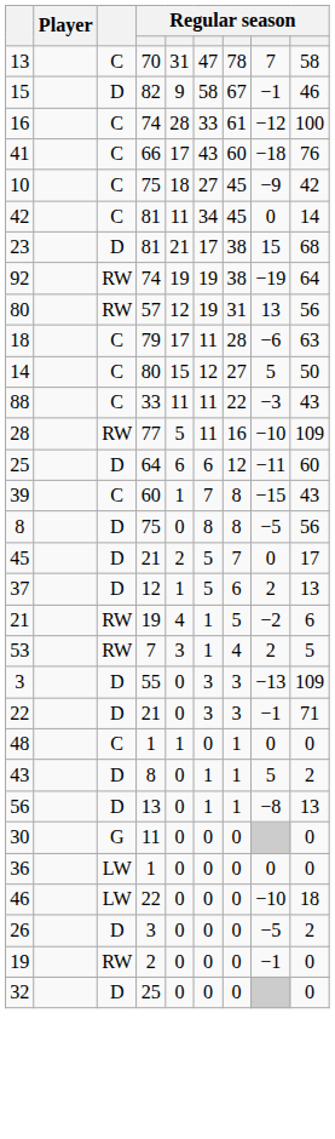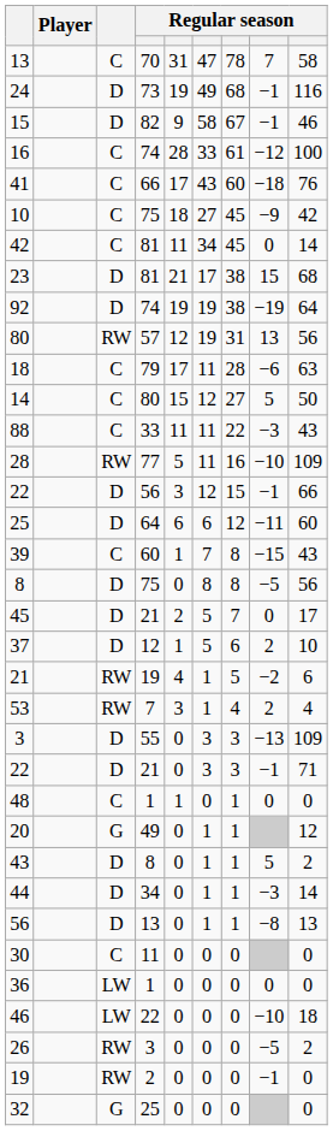 <table class="wikitable sortable plainrowheaders" style="text-align:center;">
 <tr>
 <th scope="col" data-sort-type="number" rowspan="2"></th>
 <th scope="col" rowspan="2">Player</th>
 <th scope="col" rowspan="2"></th>
 <th scope=colgroup colspan=6>Regular season</th>
 </tr>
 <tr>
 <th scope="col" data-sort-type="number"></th>
 <th scope="col" data-sort-type="number"></th>
 <th scope="col" data-sort-type="number"></th>
 <th scope="col" data-sort-type="number"></th>
 <th scope="col" data-sort-type="number"></th>
 <th scope="col" data-sort-type="number"></th>
 </tr>
 <tr>
 <td scope="row">13</td>
 <td align="left"></td>
 <td>C</td>
 <td>70</td>
 <td>31</td>
 <td>47</td>
 <td>78</td>
 <td>7</td>
 <td>58</td>
+</tr>
+<tr>
+<td scope="row">24</td>
+<td align="left"></td>
+<td>D</td>
+<td>73</td>
+<td>19</td>
+<td>49</td>
+<td>68</td>
+<td>−1</td>
+<td>116</td>
 </tr>
 <tr>
 <td scope="row">15</td>
 <td align="left"></td>
 <td>D</td>
 <td>82</td>
 <td>9</td>
 <td>58</td>
 <td>67</td>
 <td>−1</td>
 <td>46</td>
 </tr>
 <tr>
 <td scope="row">16</td>
 <td align="left"></td>
 <td>C</td>
 <td>74</td>
 <td>28</td>
 <td>33</td>
 <td>61</td>
 <td>−12</td>
 <td>100</td>
 </tr>
 <tr>
 <td scope="row">41</td>
 <td align="left"></td>
 <td>C</td>
 <td>66</td>
 <td>17</td>
 <td>43</td>
 <td>60</td>
 <td>−18</td>
 <td>76</td>
 </tr>
 <tr>
 <td scope="row">10</td>
 <td align="left"></td>
 <td>C</td>
 <td>75</td>
 <td>18</td>
 <td>27</td>
 <td>45</td>
 <td>−9</td>
 <td>42</td>
 </tr>
 <tr>
 <td scope="row">42</td>
 <td align="left"></td>
 <td>C</td>
 <td>81</td>
 <td>11</td>
 <td>34</td>
 <td>45</td>
 <td>0</td>
 <td>14</td>
 </tr>
 <tr>
 <td scope="row">23</td>
 <td align="left"></td>
 <td>D</td>
 <td>81</td>
 <td>21</td>
 <td>17</td>
 <td>38</td>
 <td>15</td>
 <td>68</td>
 </tr>
 <tr>
 <td scope="row">92</td>
 <td align="left"></td>
-<td>RW</td>
+<td>D</td>
 <td>74</td>
 <td>19</td>
 <td>19</td>
 <td>38</td>
 <td>−19</td>
 <td>64</td>
 </tr>
 <tr>
 <td scope="row">80</td>
 <td align="left"></td>
 <td>RW</td>
 <td>57</td>
 <td>12</td>
 <td>19</td>
 <td>31</td>
 <td>13</td>
 <td>56</td>
 </tr>
 <tr>
 <td scope="row">18</td>
 <td align="left"></td>
 <td>C</td>
 <td>79</td>
 <td>17</td>
 <td>11</td>
 <td>28</td>
 <td>−6</td>
 <td>63</td>
 </tr>
 <tr>
 <td scope="row">14</td>
 <td align="left"></td>
 <td>C</td>
 <td>80</td>
 <td>15</td>
 <td>12</td>
 <td>27</td>
 <td>5</td>
 <td>50</td>
 </tr>
 <tr>
 <td scope="row">88</td>
 <td align="left"></td>
 <td>C</td>
 <td>33</td>
 <td>11</td>
 <td>11</td>
 <td>22</td>
 <td>−3</td>
 <td>43</td>
 </tr>
 <tr>
 <td scope="row">28</td>
 <td align="left"></td>
 <td>RW</td>
 <td>77</td>
 <td>5</td>
 <td>11</td>
 <td>16</td>
 <td>−10</td>
 <td>109</td>
 </tr>
 <tr>
+<td scope="row">22</td>
+<td align="left"></td>
+<td>D</td>
+<td>56</td>
+<td>3</td>
+<td>12</td>
+<td>15</td>
+<td>−1</td>
+<td>66</td>
+</tr>
+<tr>
 <td scope="row">25</td>
 <td align="left"></td>
 <td>D</td>
 <td>64</td>
 <td>6</td>
 <td>6</td>
 <td>12</td>
 <td>−11</td>
 <td>60</td>
 </tr>
 <tr>
 <td scope="row">39</td>
 <td align="left"></td>
 <td>C</td>
 <td>60</td>
 <td>1</td>
 <td>7</td>
 <td>8</td>
 <td>−15</td>
 <td>43</td>
 </tr>
 <tr>
 <td scope="row">8</td>
 <td align="left"></td>
 <td>D</td>
 <td>75</td>
 <td>0</td>
 <td>8</td>
 <td>8</td>
 <td>−5</td>
 <td>56</td>
 </tr>
 <tr>
 <td scope="row">45</td>
 <td align="left"></td>
 <td>D</td>
 <td>21</td>
 <td>2</td>
 <td>5</td>
 <td>7</td>
 <td>0</td>
 <td>17</td>
 </tr>
 <tr>
 <td scope="row">37</td>
 <td align="left"></td>
 <td>D</td>
 <td>12</td>
 <td>1</td>
 <td>5</td>
 <td>6</td>
 <td>2</td>
-<td>13</td>
+<td>10</td>
 </tr>
 <tr>
 <td scope="row">21</td>
 <td align="left"></td>
 <td>RW</td>
 <td>19</td>
 <td>4</td>
 <td>1</td>
 <td>5</td>
 <td>−2</td>
 <td>6</td>
 </tr>
 <tr>
 <td scope="row">53</td>
 <td align="left"></td>
 <td>RW</td>
 <td>7</td>
 <td>3</td>
 <td>1</td>
 <td>4</td>
 <td>2</td>
-<td>5</td>
+<td>4</td>
 </tr>
 <tr>
 <td scope="row">3</td>
 <td align="left"></td>
 <td>D</td>
 <td>55</td>
 <td>0</td>
 <td>3</td>
 <td>3</td>
 <td>−13</td>
 <td>109</td>
 </tr>
 <tr>
 <td scope="row">22</td>
 <td align="left"></td>
 <td>D</td>
 <td>21</td>
 <td>0</td>
 <td>3</td>
 <td>3</td>
 <td>−1</td>
 <td>71</td>
 </tr>
 <tr>
 <td scope="row">48</td>
 <td align="left"></td>
 <td>C</td>
 <td>1</td>
 <td>1</td>
 <td>0</td>
 <td>1</td>
 <td>0</td>
 <td>0</td>
 </tr>
 <tr>
+<td scope="row">20</td>
+<td align="left"></td>
+<td>G</td>
+<td>49</td>
+<td>0</td>
+<td>1</td>
+<td>1</td>
+<td style="background:#ccc"></td>
+<td>12</td>
+</tr>
+<tr>
 <td scope="row">43</td>
 <td align="left"></td>
 <td>D</td>
 <td>8</td>
 <td>0</td>
 <td>1</td>
 <td>1</td>
 <td>5</td>
 <td>2</td>
+</tr>
+<tr>
+<td scope="row">44</td>
+<td align="left"></td>
+<td>D</td>
+<td>34</td>
+<td>0</td>
+<td>1</td>
+<td>1</td>
+<td>−3</td>
+<td>14</td>
 </tr>
 <tr>
 <td scope="row">56</td>
 <td align="left"></td>
 <td>D</td>
 <td>13</td>
 <td>0</td>
 <td>1</td>
 <td>1</td>
 <td>−8</td>
 <td>13</td>
 </tr>
 <tr>
 <td scope="row">30</td>
 <td align="left"></td>
-<td>G</td>
+<td>C</td>
 <td>11</td>
 <td>0</td>
 <td>0</td>
 <td>0</td>
 <td style="background:#ccc"></td>
 <td>0</td>
 </tr>
 <tr>
 <td scope="row">36</td>
 <td align="left"></td>
 <td>LW</td>
 <td>1</td>
 <td>0</td>
 <td>0</td>
 <td>0</td>
 <td>0</td>
 <td>0</td>
 </tr>
 <tr>
 <td scope="row">46</td>
 <td align="left"></td>
 <td>LW</td>
 <td>22</td>
 <td>0</td>
 <td>0</td>
 <td>0</td>
 <td>−10</td>
 <td>18</td>
 </tr>
 <tr>
 <td scope="row">26</td>
 <td align="left"></td>
-<td>D</td>
+<td>RW</td>
 <td>3</td>
 <td>0</td>
 <td>0</td>
 <td>0</td>
 <td>−5</td>
 <td>2</td>
 </tr>
 <tr>
 <td scope="row">19</td>
 <td align="left"></td>
 <td>RW</td>
 <td>2</td>
 <td>0</td>
 <td>0</td>
 <td>0</td>
 <td>−1</td>
 <td>0</td>
 </tr>
 <tr>
 <td scope="row">32</td>
 <td align="left"></td>
-<td>D</td>
+<td>G</td>
 <td>25</td>
 <td>0</td>
 <td>0</td>
 <td>0</td>
 <td style="background:#ccc"></td>
 <td>0</td>
 </tr>
 </table>
